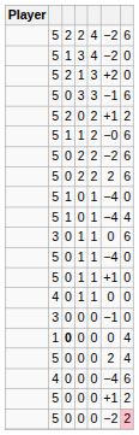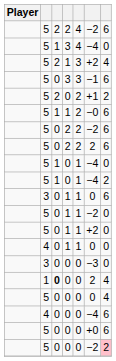 <table class="wikitable sortable" style="text-align:center;">
 <tr>
 <th>Player</th>
 <th></th>
 <th></th>
 <th></th>
 <th></th>
 <th data-sort-type="number"></th>
 <th></th>
 </tr>
 <tr>
 <td></td>
 <td>5</td>
 <td>2</td>
 <td>2</td>
 <td>4</td>
 <td>−2</td>
 <td>6</td>
 </tr>
 <tr>
 <td></td>
 <td>5</td>
 <td>1</td>
 <td>3</td>
 <td>4</td>
-<td>−2</td>
+<td>−4</td>
 <td>0</td>
 </tr>
 <tr>
 <td></td>
 <td>5</td>
 <td>2</td>
 <td>1</td>
 <td>3</td>
 <td>+2</td>
-<td>0</td>
+<td>4</td>
 </tr>
 <tr>
 <td></td>
 <td>5</td>
 <td>0</td>
 <td>3</td>
 <td>3</td>
 <td>−1</td>
 <td>6</td>
 </tr>
 <tr>
 <td></td>
 <td>5</td>
 <td>2</td>
 <td>0</td>
 <td>2</td>
 <td>+1</td>
 <td>2</td>
 </tr>
 <tr>
 <td></td>
 <td>5</td>
 <td>1</td>
 <td>1</td>
 <td>2</td>
 <td>−0</td>
 <td>6</td>
 </tr>
 <tr>
 <td></td>
 <td>5</td>
 <td>0</td>
 <td>2</td>
 <td>2</td>
 <td>−2</td>
 <td>6</td>
 </tr>
 <tr>
 <td></td>
 <td>5</td>
 <td>0</td>
 <td>2</td>
 <td>2</td>
 <td>2</td>
 <td>6</td>
 </tr>
 <tr>
 <td></td>
 <td>5</td>
 <td>1</td>
 <td>0</td>
 <td>1</td>
 <td>−4</td>
 <td>0</td>
 </tr>
 <tr>
 <td></td>
 <td>5</td>
 <td>1</td>
 <td>0</td>
 <td>1</td>
 <td>−4</td>
-<td>4</td>
+<td>2</td>
 </tr>
 <tr>
 <td></td>
 <td>3</td>
 <td>0</td>
 <td>1</td>
 <td>1</td>
 <td>0</td>
 <td>6</td>
 </tr>
 <tr>
 <td></td>
 <td>5</td>
 <td>0</td>
 <td>1</td>
 <td>1</td>
-<td>−4</td>
+<td>−2</td>
 <td>0</td>
 </tr>
 <tr>
 <td></td>
 <td>5</td>
 <td>0</td>
 <td>1</td>
 <td>1</td>
-<td>+1</td>
+<td>+2</td>
 <td>0</td>
 </tr>
 <tr>
 <td></td>
 <td>4</td>
 <td>0</td>
 <td>1</td>
 <td>1</td>
 <td>0</td>
 <td>0</td>
 </tr>
 <tr>
 <td></td>
 <td>3</td>
 <td>0</td>
 <td>0</td>
 <td>0</td>
-<td>−1</td>
+<td>−3</td>
 <td>0</td>
 </tr>
 <tr>
 <td></td>
 <td>1</td>
 <td><strong>0</strong></td>
 <td>0</td>
 <td>0</td>
-<td>0</td>
+<td>2</td>
 <td>4</td>
 </tr>
 <tr>
 <td></td>
 <td>5</td>
 <td>0</td>
 <td>0</td>
 <td>0</td>
-<td>2</td>
+<td>0</td>
 <td>4</td>
 </tr>
 <tr>
 <td></td>
 <td>4</td>
 <td>0</td>
 <td>0</td>
 <td>0</td>
 <td>−4</td>
 <td>6</td>
 </tr>
 <tr>
 <td></td>
 <td>5</td>
 <td>0</td>
 <td>0</td>
 <td>0</td>
-<td>+1</td>
-<td>2</td>
+<td>+0</td>
+<td>6</td>
 </tr>
 <tr>
 <td></td>
 <td>5</td>
 <td>0</td>
 <td>0</td>
 <td>0</td>
 <td>−2</td>
 <td style="background: pink;">2</td>
 </tr>
 <tr>
 </tr>
 </table>
